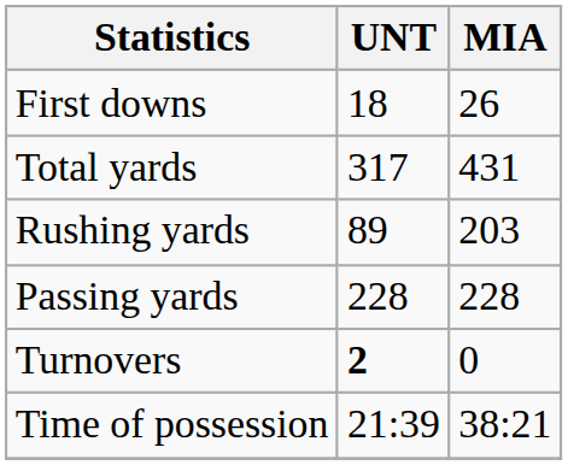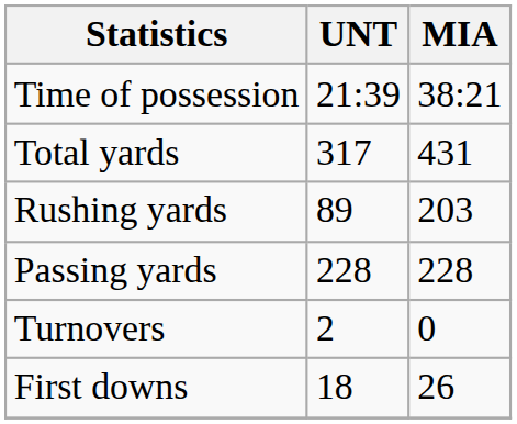 <table class="wikitable">
 <tr>
 <th>Statistics</th>
 <th>UNT</th>
 <th>MIA</th>
 </tr>
 <tr>
-<td>First downs</td>
-<td>18</td>
-<td>26</td>
+<td>Time of possession</td>
+<td>21:39</td>
+<td>38:21</td>
 </tr>
 <tr>
 <td>Total yards</td>
 <td>317</td>
 <td>431</td>
 </tr>
 <tr>
 <td>Rushing yards</td>
 <td>89</td>
 <td>203</td>
 </tr>
 <tr>
 <td>Passing yards</td>
 <td>228</td>
 <td>228</td>
 </tr>
 <tr>
 <td>Turnovers</td>
-<td><strong>2</strong></td>
+<td>2</td>
 <td>0</td>
 </tr>
 <tr>
-<td>Time of possession</td>
-<td>21:39</td>
-<td>38:21</td>
+<td>First downs</td>
+<td>18</td>
+<td>26</td>
 </tr>
 <tr>
 </tr>
 </table>
